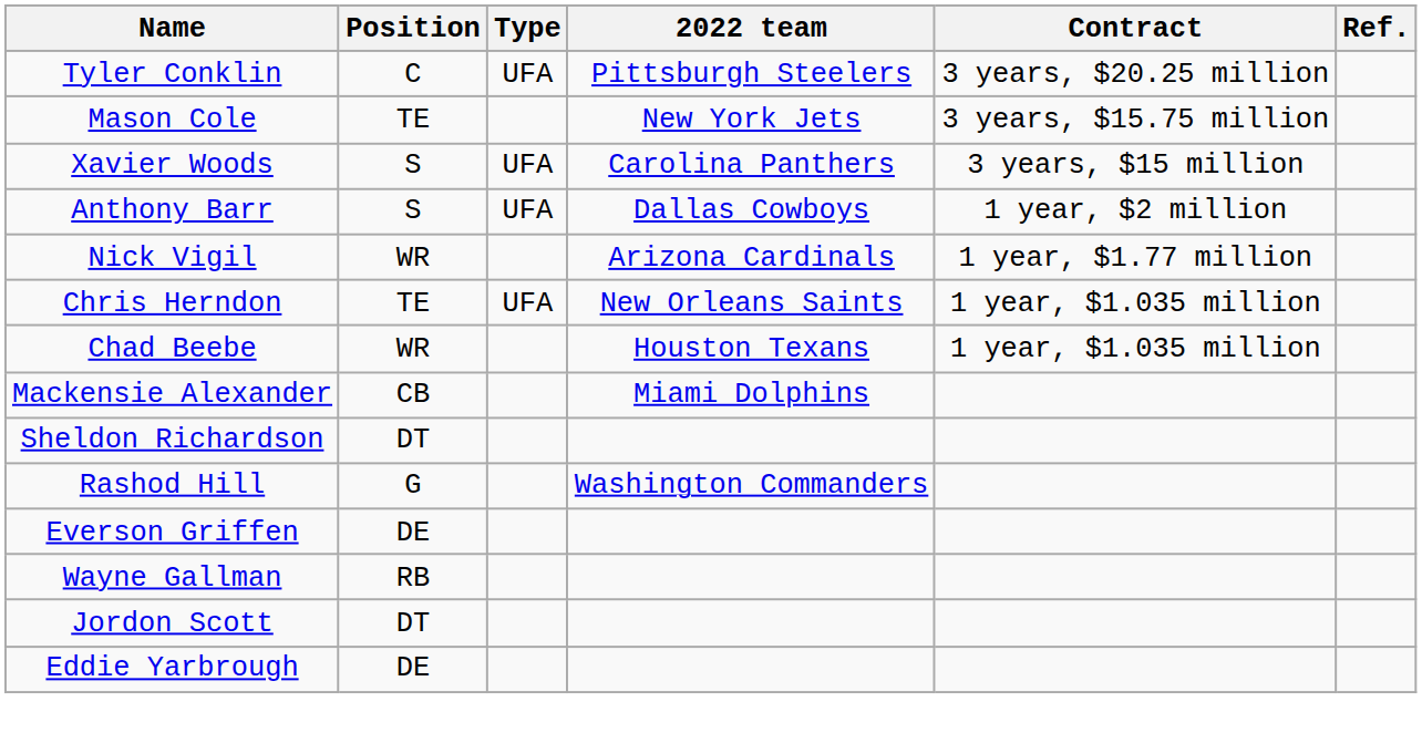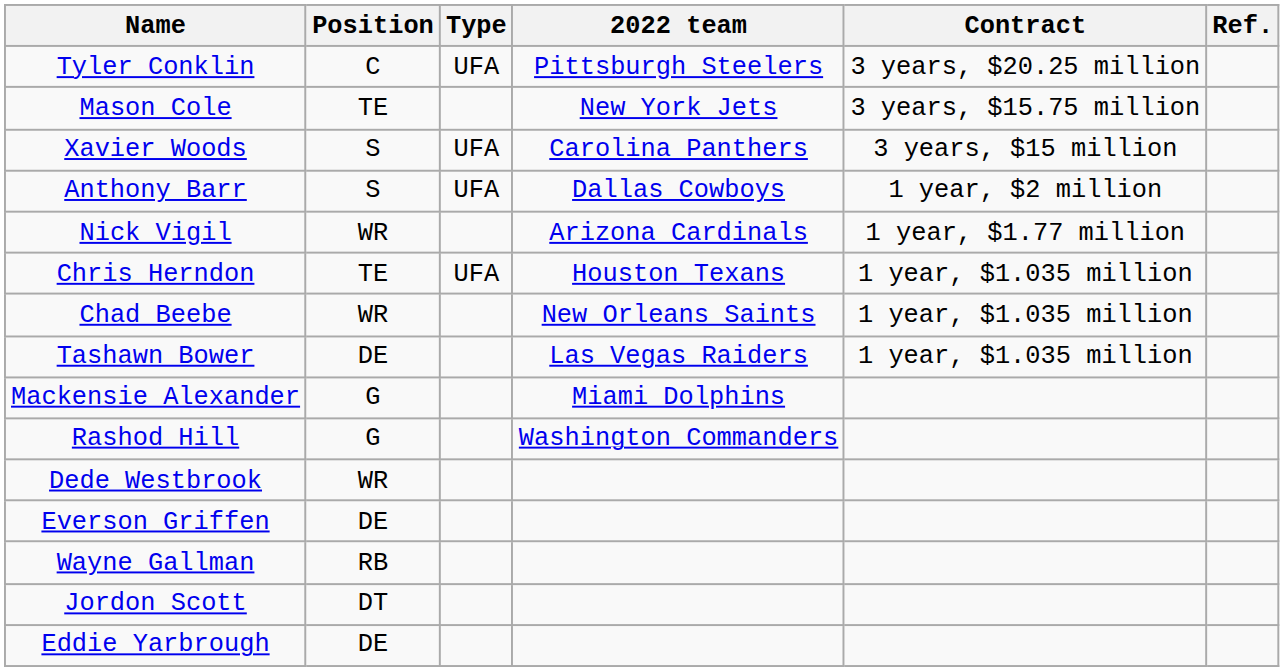 <table class="wikitable" style="text-align:center">
 <tr>
 <th>Name</th>
 <th>Position</th>
 <th>Type</th>
 <th>2022 team</th>
 <th>Contract</th>
 <th>Ref.</th>
 </tr>
 <tr>
 <td><a href='#'>Tyler Conklin</a></td>
 <td>C</td>
 <td>UFA</td>
 <td><a href='#'>Pittsburgh Steelers</a></td>
 <td>3 years, $20.25 million</td>
 <td></td>
 </tr>
 <tr>
 <td><a href='#'>Mason Cole</a></td>
 <td>TE</td>
 <td></td>
 <td><a href='#'>New York Jets</a></td>
 <td>3 years, $15.75 million</td>
 <td></td>
 </tr>
 <tr>
 <td><a href='#'>Xavier Woods</a></td>
 <td>S</td>
 <td>UFA</td>
 <td><a href='#'>Carolina Panthers</a></td>
 <td>3 years, $15 million</td>
 <td></td>
 </tr>
 <tr>
 <td><a href='#'>Anthony Barr</a></td>
 <td>S</td>
 <td>UFA</td>
 <td><a href='#'>Dallas Cowboys</a></td>
 <td>1 year, $2 million</td>
 <td></td>
 </tr>
 <tr>
 <td><a href='#'>Nick Vigil</a></td>
 <td>WR</td>
 <td></td>
 <td><a href='#'>Arizona Cardinals</a></td>
 <td>1 year, $1.77 million</td>
 <td></td>
 </tr>
 <tr>
 <td><a href='#'>Chris Herndon</a></td>
 <td>TE</td>
 <td>UFA</td>
-<td><a href='#'>New Orleans Saints</a></td>
+<td><a href='#'>Houston Texans</a></td>
 <td>1 year, $1.035 million</td>
 <td></td>
 </tr>
 <tr>
 <td><a href='#'>Chad Beebe</a></td>
 <td>WR</td>
 <td></td>
-<td><a href='#'>Houston Texans</a></td>
+<td><a href='#'>New Orleans Saints</a></td>
+<td>1 year, $1.035 million</td>
+<td></td>
+</tr>
+<tr>
+<td><a href='#'>Tashawn Bower</a></td>
+<td>DE</td>
+<td></td>
+<td><a href='#'>Las Vegas Raiders</a></td>
 <td>1 year, $1.035 million</td>
 <td></td>
 </tr>
 <tr>
 <td><a href='#'>Mackensie Alexander</a></td>
-<td>CB</td>
+<td>G</td>
 <td></td>
 <td><a href='#'>Miami Dolphins</a></td>
-<td></td>
-<td></td>
-</tr>
-<tr>
-<td><a href='#'>Sheldon Richardson</a></td>
-<td>DT</td>
-<td></td>
-<td></td>
 <td></td>
 <td></td>
 </tr>
 <tr>
 <td><a href='#'>Rashod Hill</a></td>
 <td>G</td>
 <td></td>
 <td><a href='#'>Washington Commanders</a></td>
+<td></td>
+<td></td>
+</tr>
+<tr>
+<td><a href='#'>Dede Westbrook</a></td>
+<td>WR</td>
+<td></td>
+<td></td>
 <td></td>
 <td></td>
 </tr>
 <tr>
 <td><a href='#'>Everson Griffen</a></td>
 <td>DE</td>
 <td></td>
 <td></td>
 <td></td>
 <td></td>
 </tr>
 <tr>
 <td><a href='#'>Wayne Gallman</a></td>
 <td>RB</td>
 <td></td>
 <td></td>
 <td></td>
 <td></td>
 </tr>
 <tr>
 <td><a href='#'>Jordon Scott</a></td>
 <td>DT</td>
 <td></td>
 <td></td>
 <td></td>
 <td></td>
 </tr>
 <tr>
 <td><a href='#'>Eddie Yarbrough</a></td>
 <td>DE</td>
 <td></td>
 <td></td>
 <td></td>
 <td></td>
 </tr>
 </table>
